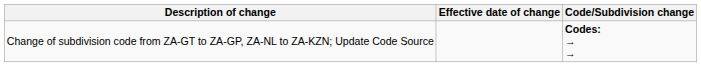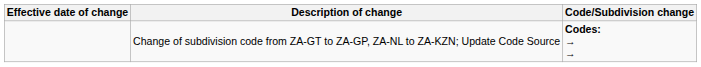 <table class="wikitable">
 <tr>
+<th>Effective date of change</th>
 <th>Description of change</th>
-<th>Effective date of change</th>
 <th>Code/Subdivision change</th>
 </tr>
 <tr>
+<td></td>
 <td>Change of subdivision code from ZA-GT to ZA-GP, ZA-NL to ZA-KZN; Update Code Source</td>
-<td></td>
 <td><strong>Codes:</strong><br> → <br> → <br></td>
 </tr>
 </table>
